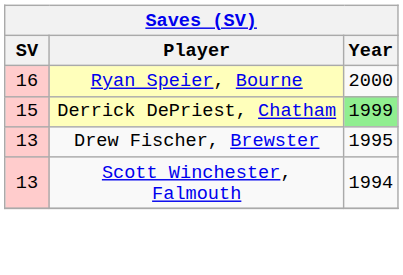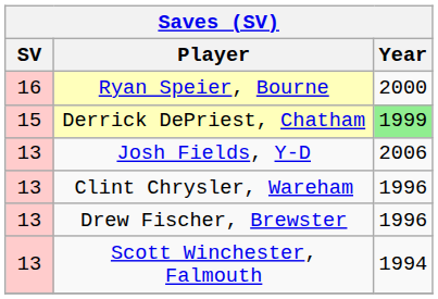 <table class="wikitable" style="display: inline-table; margin-right: 20px; text-align:center">
 <tr>
 <th colspan="3"><a href='#'>Saves (SV)</a></th>
 </tr>
 <tr>
 <th scope="col" style="width: 25px;">SV</th>
 <th scope="col" style="width: 200px;">Player</th>
 <th scope="col" style="width: 25px;">Year</th>
 </tr>
 <tr>
 <td bgcolor=#ffcccc>16</td>
 <td !scope="row" style="background:#ffb;"><a href='#'>Ryan Speier</a>, <a href='#'>Bourne</a></td>
 <td>2000</td>
 </tr>
 <tr>
 <td bgcolor=#ffcccc>15</td>
 <td !scope="row" style="background:#ffb;">Derrick DePriest, <a href='#'>Chatham</a></td>
 <td style="background: lightgreen;">1999</td>
 </tr>
 <tr>
 <td bgcolor=#ffcccc>13</td>
+<td><a href='#'>Josh Fields</a>, <a href='#'>Y-D</a></td>
+<td>2006</td>
+</tr>
+<tr>
+<td bgcolor=#ffcccc>13</td>
+<td>Clint Chrysler, <a href='#'>Wareham</a></td>
+<td>1996</td>
+</tr>
+<tr>
+<td bgcolor=#ffcccc>13</td>
 <td>Drew Fischer, <a href='#'>Brewster</a></td>
-<td>1995</td>
+<td>1996</td>
 </tr>
 <tr>
 <td bgcolor=#ffcccc>13</td>
 <td><a href='#'>Scott Winchester</a>, <a href='#'>Falmouth</a></td>
 <td>1994</td>
 </tr>
 <tr>
 </tr>
 </table>
